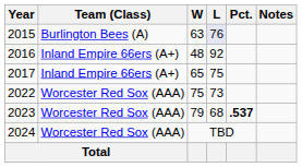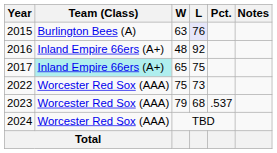 <table class="wikitable sortable">
 <tr>
 <th>Year</th>
 <th>Team (Class)</th>
 <th>W</th>
 <th>L</th>
 <th>Pct.</th>
 <th>Notes</th>
 </tr>
 <tr>
 <td>2015</td>
 <td><a href='#'>Burlington Bees</a> (A)</td>
 <td>63</td>
 <td style="background: lavender;">76</td>
 <td></td>
 <td></td>
 </tr>
 <tr>
 <td>2016</td>
 <td><a href='#'>Inland Empire 66ers</a> (A+)</td>
 <td>48</td>
 <td>92</td>
 <td></td>
 <td></td>
 </tr>
 <tr>
 <td>2017</td>
-<td><a href='#'>Inland Empire 66ers</a> (A+)</td>
+<td style="background: paleturquoise;"><a href='#'>Inland Empire 66ers</a> (A+)</td>
 <td>65</td>
 <td>75</td>
 <td></td>
 <td></td>
 </tr>
 <tr>
 <td>2022</td>
 <td><a href='#'>Worcester Red Sox</a> (AAA)</td>
 <td>75</td>
 <td>73</td>
 <td></td>
 <td></td>
 </tr>
 <tr>
 <td>2023</td>
 <td><a href='#'>Worcester Red Sox</a> (AAA)</td>
 <td>79</td>
 <td>68</td>
-<td><strong>.537</strong></td>
+<td>.537</td>
 <td></td>
 </tr>
 <tr>
 <td>2024</td>
 <td><a href='#'>Worcester Red Sox</a> (AAA)</td>
 <td colspan=3 align=center>TBD</td>
 <td></td>
 </tr>
 <tr>
 <th colspan=2>Total</th>
 <th></th>
 <th></th>
 <th></th>
 <th></th>
 </tr>
 </table>
